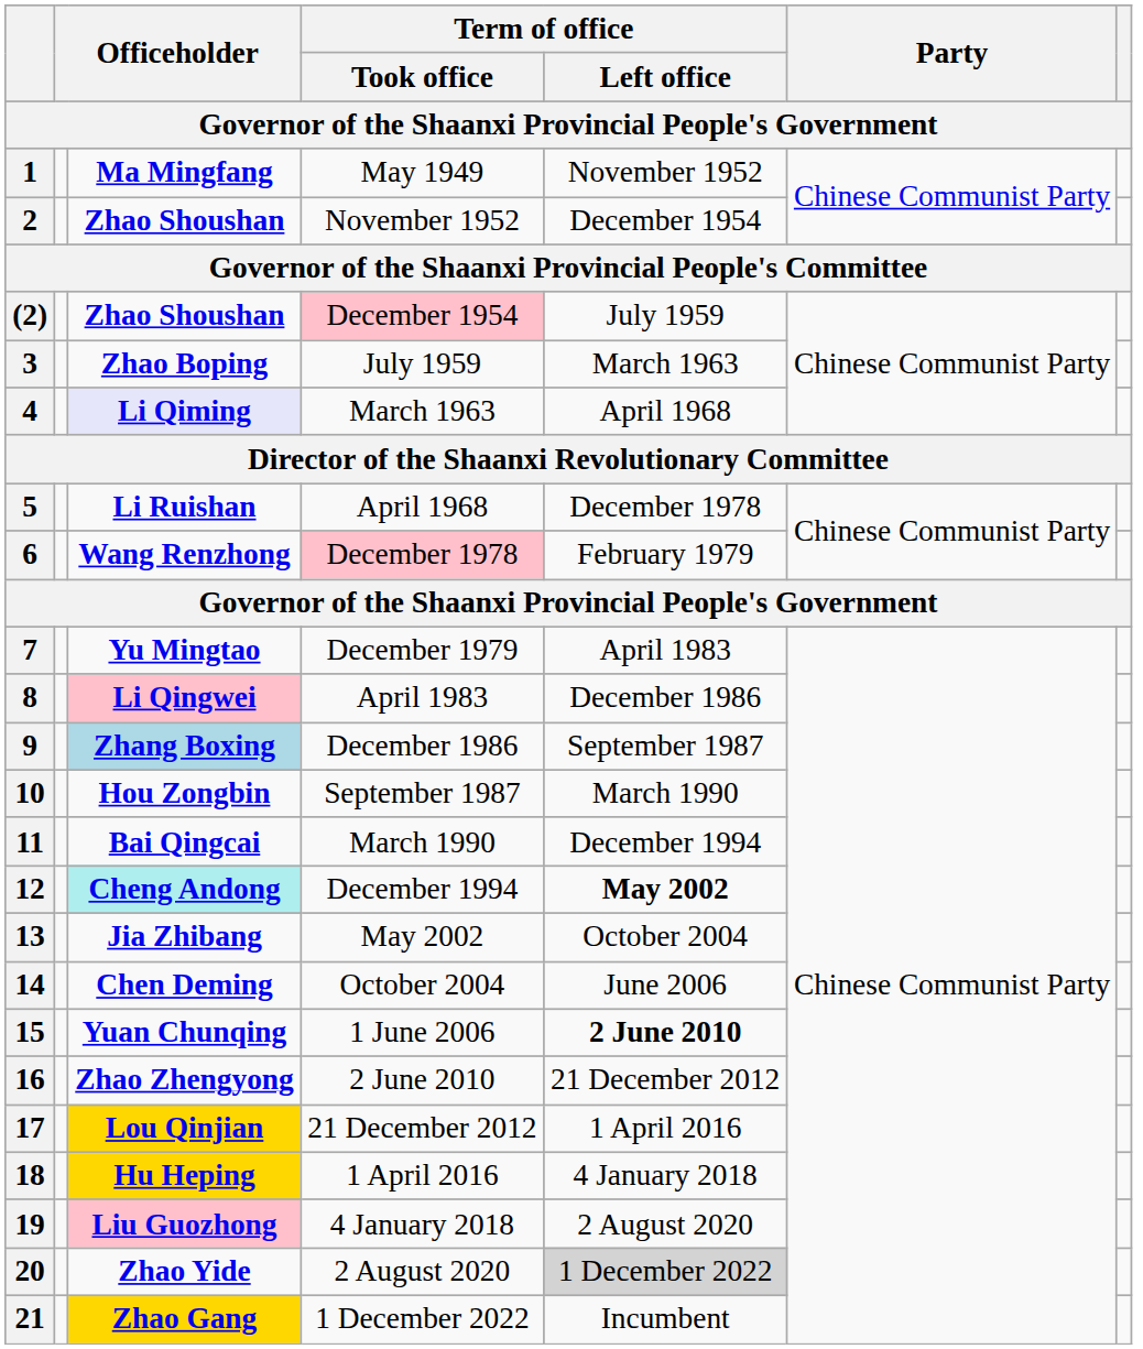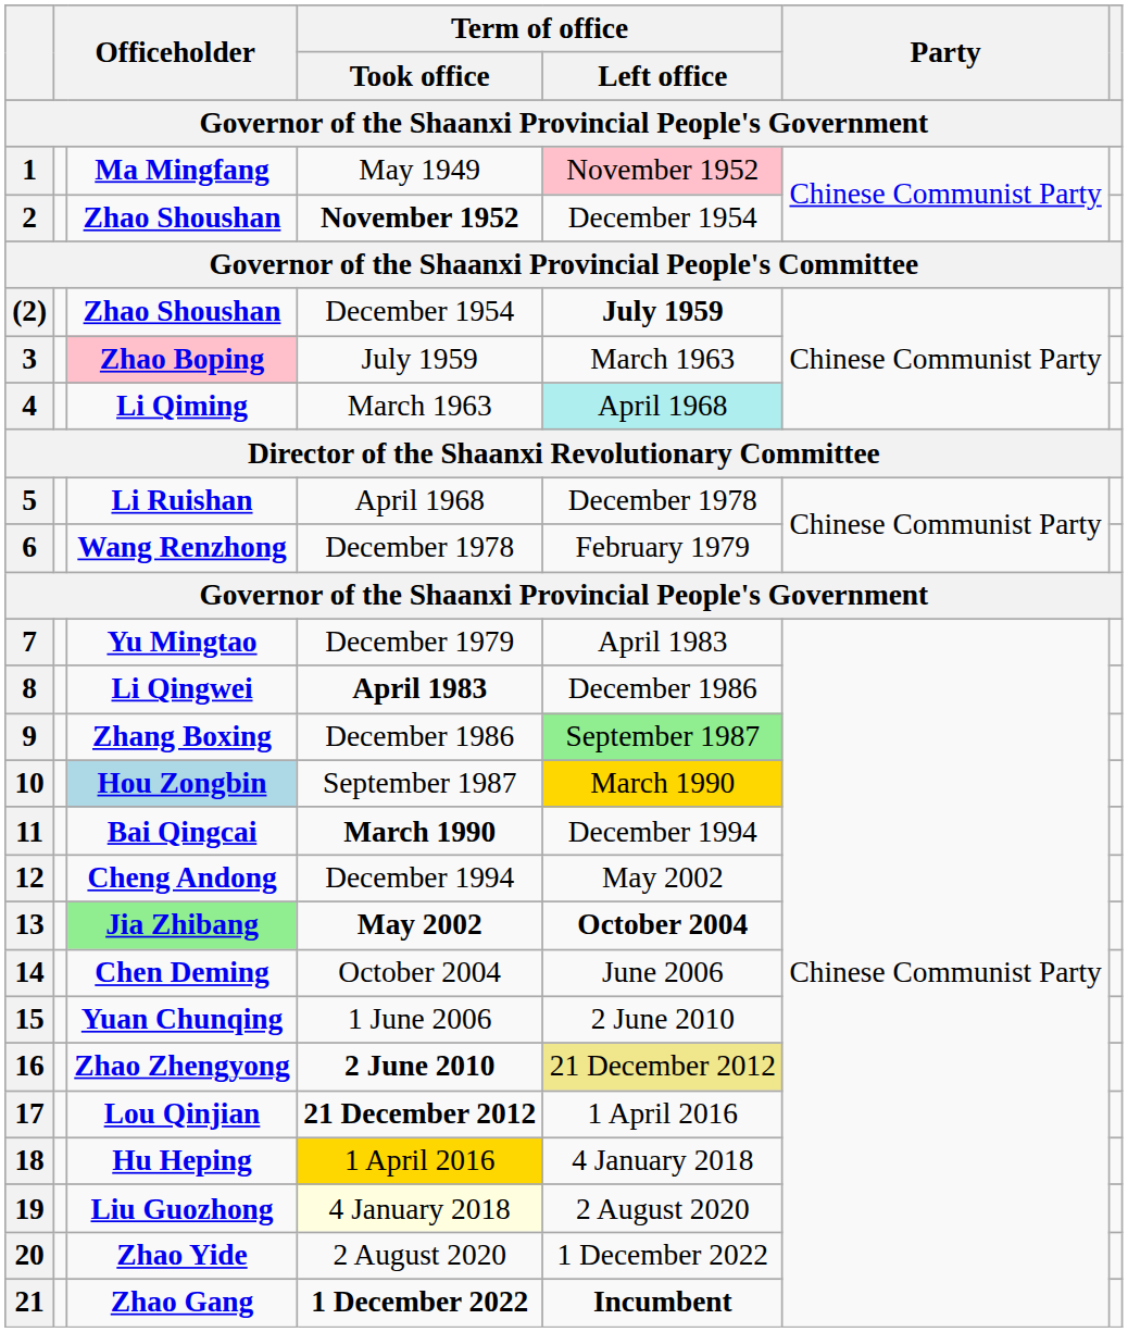 <table class="wikitable" style="text-align:center">
 <tr>
 <th rowspan="2"></th>
 <th colspan="2" rowspan="2">Officeholder</th>
 <th colspan="2">Term of office</th>
 <th rowspan="2">Party</th>
 <th rowspan="2"></th>
 </tr>
 <tr>
 <th>Took office</th>
 <th>Left office</th>
 </tr>
 <tr>
 <th colspan="7">Governor of the Shaanxi Provincial People's Government</th>
 </tr>
 <tr>
 <th>1</th>
 <td></td>
 <td><strong><a href='#'>Ma Mingfang</a></strong><br></td>
 <td>May 1949</td>
-<td>November 1952</td>
+<td style="background: pink;">November 1952</td>
 <td rowspan="2"><a href='#'>Chinese Communist Party</a></td>
 <td></td>
 </tr>
 <tr>
 <th>2</th>
 <td></td>
 <td><strong><a href='#'>Zhao Shoushan</a></strong><br></td>
-<td>November 1952</td>
+<td><strong>November 1952</strong></td>
 <td>December 1954</td>
 <td></td>
 </tr>
 <tr>
 <th colspan="7">Governor of the Shaanxi Provincial People's Committee</th>
 </tr>
 <tr>
 <th>(2)</th>
 <td></td>
 <td><strong><a href='#'>Zhao Shoushan</a></strong><br></td>
-<td style="background: pink;">December 1954</td>
-<td>July 1959</td>
+<td>December 1954</td>
+<td><strong>July 1959</strong></td>
 <td rowspan="3">Chinese Communist Party</td>
 <td></td>
 </tr>
 <tr>
 <th>3</th>
 <td></td>
-<td><strong><a href='#'>Zhao Boping</a></strong><br></td>
+<td style="background: pink;"><strong><a href='#'>Zhao Boping</a></strong><br></td>
 <td>July 1959</td>
 <td>March 1963</td>
 <td></td>
 </tr>
 <tr>
 <th>4</th>
 <td></td>
-<td style="background: lavender;"><strong><a href='#'>Li Qiming</a></strong><br></td>
+<td><strong><a href='#'>Li Qiming</a></strong><br></td>
 <td>March 1963</td>
-<td>April 1968</td>
+<td style="background: paleturquoise;">April 1968</td>
 <td></td>
 </tr>
 <tr>
 <th colspan="7">Director of the Shaanxi Revolutionary Committee</th>
 </tr>
 <tr>
 <th>5</th>
 <td></td>
 <td><strong><a href='#'>Li Ruishan</a></strong><br></td>
 <td>April 1968</td>
 <td>December 1978</td>
 <td rowspan="2">Chinese Communist Party</td>
 <td></td>
 </tr>
 <tr>
 <th>6</th>
 <td></td>
 <td><strong><a href='#'>Wang Renzhong</a></strong><br></td>
-<td style="background: pink;">December 1978</td>
+<td>December 1978</td>
 <td>February 1979</td>
 <td></td>
 </tr>
 <tr>
 <th colspan="7">Governor of the Shaanxi Provincial People's Government</th>
 </tr>
 <tr>
 <th>7</th>
 <td></td>
 <td><strong><a href='#'>Yu Mingtao</a></strong><br></td>
 <td>December 1979</td>
 <td>April 1983</td>
 <td rowspan="15">Chinese Communist Party</td>
 <td></td>
 </tr>
 <tr>
 <th>8</th>
 <td></td>
-<td style="background: pink;"><strong><a href='#'>Li Qingwei</a></strong><br></td>
-<td>April 1983</td>
+<td><strong><a href='#'>Li Qingwei</a></strong><br></td>
+<td><strong>April 1983</strong></td>
 <td>December 1986</td>
 <td></td>
 </tr>
 <tr>
 <th>9</th>
 <td></td>
-<td style="background: lightblue;"><strong><a href='#'>Zhang Boxing</a></strong><br></td>
+<td><strong><a href='#'>Zhang Boxing</a></strong><br></td>
 <td>December 1986</td>
-<td>September 1987</td>
+<td style="background: lightgreen;">September 1987</td>
 <td></td>
 </tr>
 <tr>
 <th>10</th>
 <td></td>
-<td><strong><a href='#'>Hou Zongbin</a></strong><br></td>
+<td style="background: lightblue;"><strong><a href='#'>Hou Zongbin</a></strong><br></td>
 <td>September 1987</td>
-<td>March 1990</td>
+<td style="background: gold;">March 1990</td>
 <td></td>
 </tr>
 <tr>
 <th>11</th>
 <td></td>
 <td><strong><a href='#'>Bai Qingcai</a></strong><br></td>
-<td>March 1990</td>
+<td><strong>March 1990</strong></td>
 <td>December 1994</td>
 <td></td>
 </tr>
 <tr>
 <th>12</th>
 <td></td>
-<td style="background: paleturquoise;"><strong><a href='#'>Cheng Andong</a></strong><br></td>
+<td><strong><a href='#'>Cheng Andong</a></strong><br></td>
 <td>December 1994</td>
-<td><strong>May 2002</strong></td>
+<td>May 2002</td>
 <td></td>
 </tr>
 <tr>
 <th>13</th>
 <td></td>
-<td><strong><a href='#'>Jia Zhibang</a></strong><br></td>
-<td>May 2002</td>
-<td>October 2004</td>
+<td style="background: lightgreen;"><strong><a href='#'>Jia Zhibang</a></strong><br></td>
+<td><strong>May 2002</strong></td>
+<td><strong>October 2004</strong></td>
 <td></td>
 </tr>
 <tr>
 <th>14</th>
 <td></td>
 <td><strong><a href='#'>Chen Deming</a></strong><br></td>
 <td>October 2004</td>
 <td>June 2006</td>
 <td></td>
 </tr>
 <tr>
 <th>15</th>
 <td></td>
 <td><strong><a href='#'>Yuan Chunqing</a></strong><br></td>
 <td>1 June 2006</td>
-<td><strong>2 June 2010</strong></td>
+<td>2 June 2010</td>
 <td></td>
 </tr>
 <tr>
 <th>16</th>
 <td></td>
 <td><strong><a href='#'>Zhao Zhengyong</a></strong><br></td>
-<td>2 June 2010</td>
-<td>21 December 2012</td>
+<td><strong>2 June 2010</strong></td>
+<td style="background: khaki;">21 December 2012</td>
 <td></td>
 </tr>
 <tr>
 <th>17</th>
 <td></td>
-<td style="background: gold;"><strong><a href='#'>Lou Qinjian</a></strong><br></td>
-<td>21 December 2012</td>
+<td><strong><a href='#'>Lou Qinjian</a></strong><br></td>
+<td><strong>21 December 2012</strong></td>
 <td>1 April 2016</td>
 <td></td>
 </tr>
 <tr>
 <th>18</th>
 <td></td>
-<td style="background: gold;"><strong><a href='#'>Hu Heping</a></strong><br></td>
-<td>1 April 2016</td>
+<td><strong><a href='#'>Hu Heping</a></strong><br></td>
+<td style="background: gold;">1 April 2016</td>
 <td>4 January 2018</td>
 <td></td>
 </tr>
 <tr>
 <th>19</th>
 <td></td>
-<td style="background: pink;"><strong><a href='#'>Liu Guozhong</a></strong><br></td>
-<td>4 January 2018</td>
+<td><strong><a href='#'>Liu Guozhong</a></strong><br></td>
+<td style="background: lightyellow;">4 January 2018</td>
 <td>2 August 2020</td>
 <td></td>
 </tr>
 <tr>
 <th>20</th>
 <td></td>
 <td><strong><a href='#'>Zhao Yide</a></strong><br></td>
 <td>2 August 2020</td>
-<td style="background: lightgrey;">1 December 2022</td>
+<td>1 December 2022</td>
 <td></td>
 </tr>
 <tr>
 <th>21</th>
 <td></td>
-<td style="background: gold;"><strong><a href='#'>Zhao Gang</a></strong><br></td>
-<td>1 December 2022</td>
-<td>Incumbent</td>
+<td><strong><a href='#'>Zhao Gang</a></strong><br></td>
+<td><strong>1 December 2022</strong></td>
+<td><strong>Incumbent</strong></td>
 <td></td>
 </tr>
 </table>
